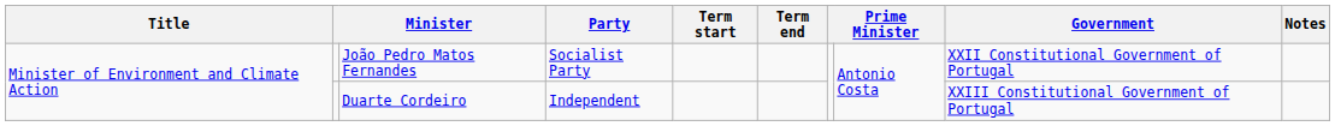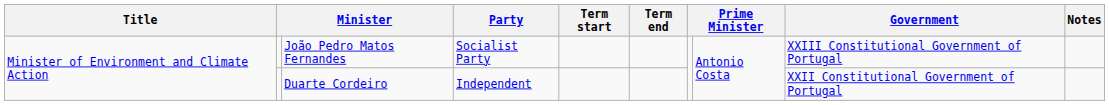 <table class="wikitable sortable">
 <tr>
 <th>Title</th>
 <th colspan=2><a href='#'>Minister</a></th>
 <th><a href='#'>Party</a></th>
 <th>Term start</th>
 <th>Term end</th>
 <th colspan=2><a href='#'>Prime Minister</a></th>
 <th><a href='#'>Government</a></th>
 <th class="unsortable">Notes</th>
 </tr>
 <tr>
 <td rowspan=2><a href='#'>Minister of Environment and Climate Action</a></td>
 <td style="color:inherit;background:"></td>
 <td><a href='#'>João Pedro Matos Fernandes</a></td>
 <td><a href='#'>Socialist Party</a></td>
 <td></td>
 <td></td>
 <td rowspan=2 bgcolor=></td>
 <td rowspan=2><a href='#'>Antonio Costa</a></td>
-<td><a href='#'>XXII Constitutional Government of Portugal</a></td>
+<td><a href='#'>XXIII Constitutional Government of Portugal</a></td>
 <td></td>
 </tr>
 <tr>
 <td style="color:inherit;background:"></td>
 <td><a href='#'>Duarte Cordeiro</a></td>
 <td><a href='#'>Independent</a></td>
 <td></td>
 <td></td>
-<td><a href='#'>XXIII Constitutional Government of Portugal</a></td>
+<td><a href='#'>XXII Constitutional Government of Portugal</a></td>
 <td></td>
 </tr>
 </table>
